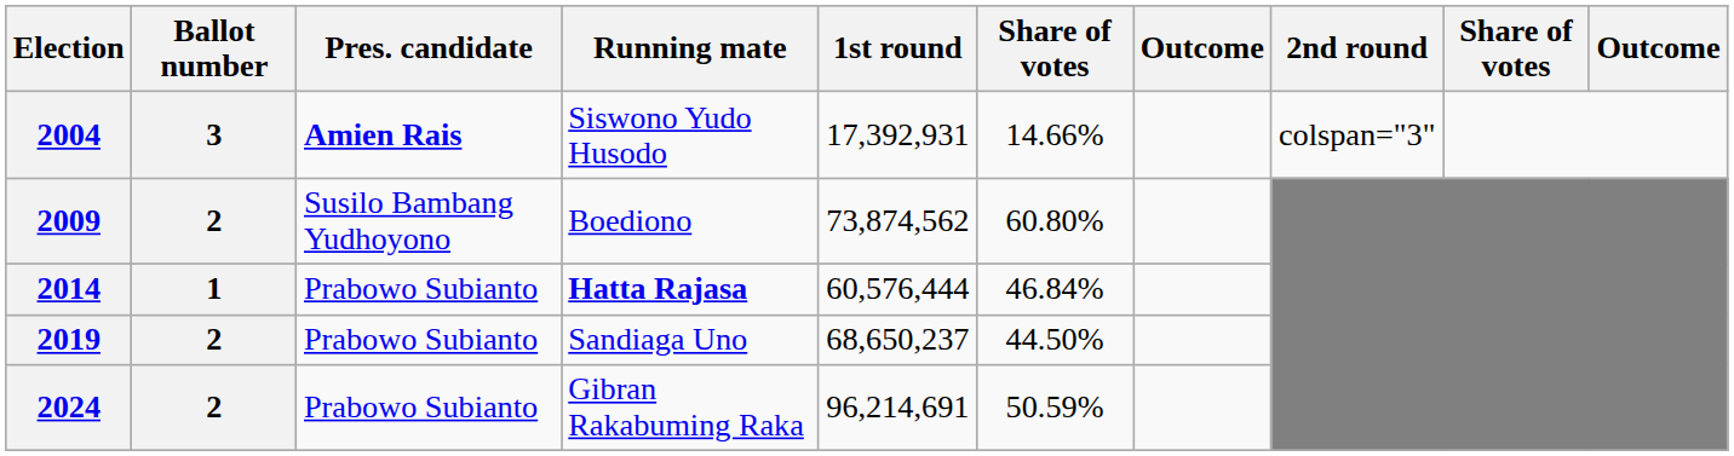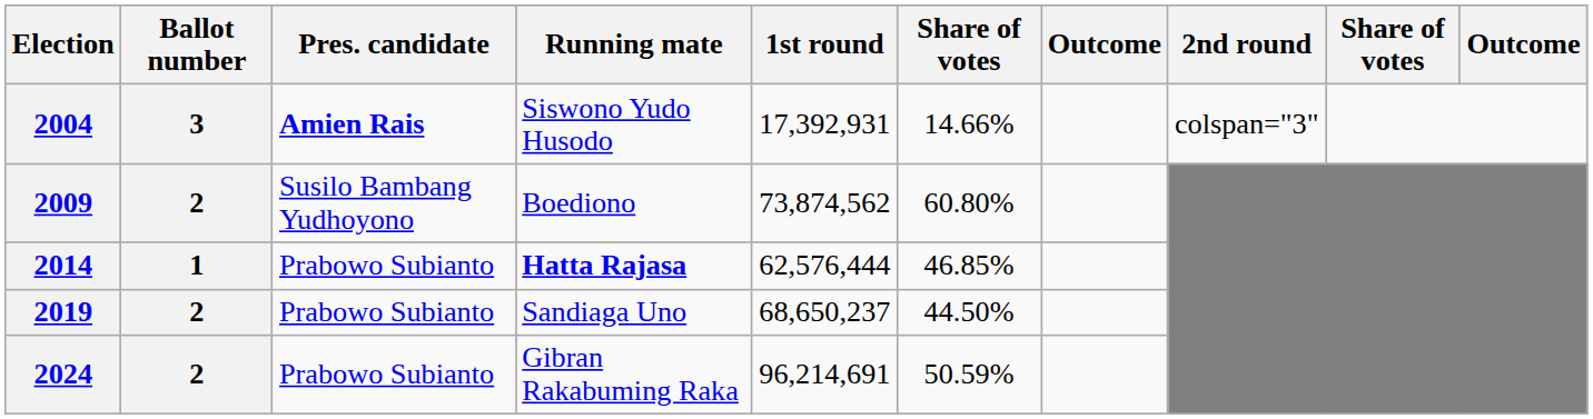 <table class="wikitable">
 <tr>
 <th>Election</th>
 <th>Ballot number</th>
 <th>Pres. candidate</th>
 <th>Running mate</th>
 <th>1st round<br></th>
 <th>Share of votes</th>
 <th>Outcome</th>
 <th>2nd round<br></th>
 <th>Share of votes</th>
 <th>Outcome</th>
 </tr>
 <tr>
 <th><a href='#'>2004</a></th>
 <th>3</th>
 <td><strong><a href='#'>Amien Rais</a></strong></td>
 <td><a href='#'>Siswono Yudo Husodo</a></td>
 <td>17,392,931</td>
 <td align=center>14.66%</td>
 <td></td>
 <td>colspan="3" </td>
 </tr>
 <tr>
 <th><a href='#'>2009</a></th>
 <th>2</th>
 <td><a href='#'>Susilo Bambang Yudhoyono</a></td>
 <td><a href='#'>Boediono</a></td>
 <td>73,874,562</td>
 <td align=center>60.80%</td>
 <td></td>
 <td rowspan=4 colspan="3" bgcolor="grey"></td>
 </tr>
 <tr>
 <th><a href='#'>2014</a></th>
 <th>1</th>
 <td><a href='#'>Prabowo Subianto</a></td>
 <td><strong><a href='#'>Hatta Rajasa</a></strong></td>
-<td>60,576,444</td>
-<td align=center>46.84%</td>
+<td>62,576,444</td>
+<td align=center>46.85%</td>
 <td></td>
 </tr>
 <tr>
 <th><a href='#'>2019</a></th>
 <th>2</th>
 <td><a href='#'>Prabowo Subianto</a></td>
 <td><a href='#'>Sandiaga Uno</a></td>
 <td>68,650,237</td>
 <td align=center>44.50%</td>
 <td></td>
 </tr>
 <tr>
 <th><a href='#'>2024</a></th>
 <th>2</th>
 <td><a href='#'>Prabowo Subianto</a></td>
 <td><a href='#'>Gibran Rakabuming Raka</a></td>
 <td>96,214,691</td>
 <td align=center>50.59%</td>
 <td></td>
 </tr>
 </table>
